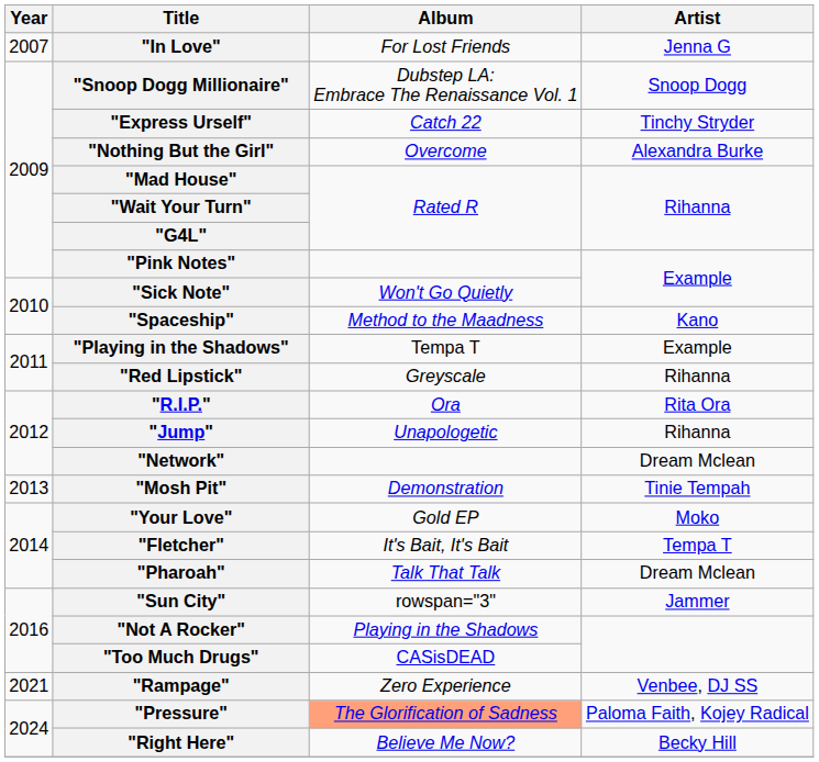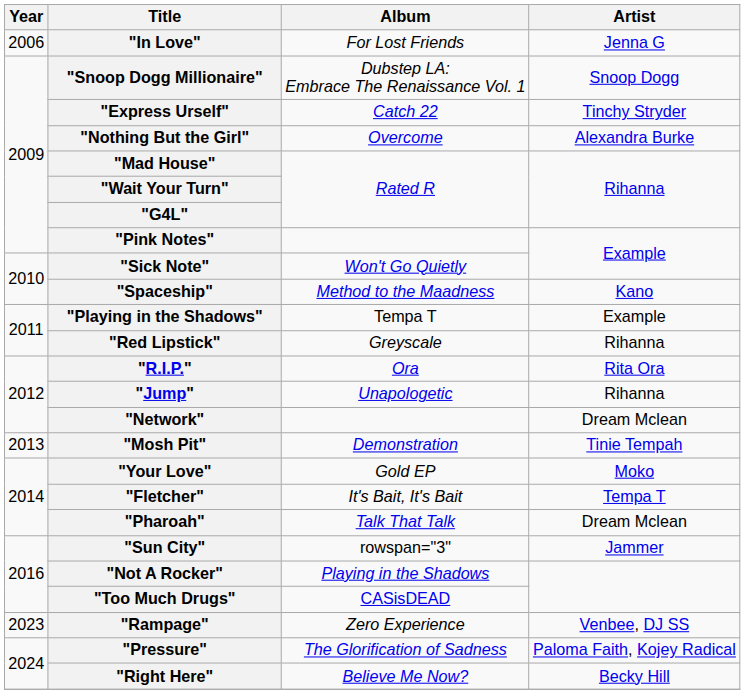 <table class="wikitable plainrowheaders" style="text-align:center;" border="1">
 <tr>
 <th scope="col" style="width:1em;">Year</th>
 <th scope="col" style="width:14em;">Title</th>
 <th scope="col">Album</th>
 <th scope="col">Artist</th>
 </tr>
 <tr>
-<td>2007</td>
+<td>2006</td>
 <th scope="row">"In Love"</th>
 <td><em>For Lost Friends</em></td>
 <td><a href='#'>Jenna G</a></td>
 </tr>
 <tr>
 <td rowspan="7">2009</td>
 <th scope="row">"Snoop Dogg Millionaire"</th>
 <td><em>Dubstep LA:<br>Embrace The Renaissance Vol. 1</em></td>
 <td><a href='#'>Snoop Dogg</a></td>
 </tr>
 <tr>
 <th scope="row">"Express Urself"</th>
 <td><em><a href='#'>Catch 22</a></em></td>
 <td><a href='#'>Tinchy Stryder</a></td>
 </tr>
 <tr>
 <th scope="row">"Nothing But the Girl"</th>
 <td><em><a href='#'>Overcome</a></em></td>
 <td><a href='#'>Alexandra Burke</a></td>
 </tr>
 <tr>
 <th scope="row">"Mad House"</th>
 <td rowspan="3"><em><a href='#'>Rated R</a></em></td>
 <td rowspan="3"><a href='#'>Rihanna</a></td>
 </tr>
 <tr>
 <th scope="row">"Wait Your Turn"</th>
 </tr>
 <tr>
 <th scope="row">"G4L"</th>
 </tr>
 <tr>
 <th scope="row">"Pink Notes"</th>
 <td></td>
 <td rowspan="2"><a href='#'>Example</a></td>
 </tr>
 <tr>
 <td rowspan="2">2010</td>
 <th scope="row">"Sick Note"</th>
 <td><em><a href='#'>Won't Go Quietly</a></em></td>
 </tr>
 <tr>
 <th scope="row">"Spaceship"</th>
 <td><em><a href='#'>Method to the Maadness</a></em></td>
 <td><a href='#'>Kano</a></td>
 </tr>
 <tr>
 <td rowspan="2">2011</td>
 <th scope="row">"Playing in the Shadows"</th>
 <td>Tempa T</td>
 <td>Example</td>
 </tr>
 <tr>
 <th scope="row">"Red Lipstick"</th>
 <td><em>Greyscale</em></td>
 <td>Rihanna</td>
 </tr>
 <tr>
 <td rowspan="3">2012</td>
 <th scope="row">"<a href='#'>R.I.P.</a>"</th>
 <td><em><a href='#'>Ora</a></em></td>
 <td><a href='#'>Rita Ora</a></td>
 </tr>
 <tr>
 <th scope="row">"<a href='#'>Jump</a>"</th>
 <td><em><a href='#'>Unapologetic</a></em></td>
 <td>Rihanna</td>
 </tr>
 <tr>
 <th scope="row">"Network"</th>
 <td></td>
 <td>Dream Mclean</td>
 </tr>
 <tr>
 <td>2013</td>
 <th scope="row">"Mosh Pit"</th>
 <td><em><a href='#'>Demonstration</a></em></td>
 <td><a href='#'>Tinie Tempah</a></td>
 </tr>
 <tr>
 <td rowspan="3">2014</td>
 <th scope="row">"Your Love"</th>
 <td><em>Gold EP</em></td>
 <td><a href='#'>Moko</a></td>
 </tr>
 <tr>
 <th scope="row">"Fletcher"</th>
 <td><em>It's Bait, It's Bait</em></td>
 <td><a href='#'>Tempa T</a></td>
 </tr>
 <tr>
 <th scope="row">"Pharoah"</th>
 <td><em><a href='#'>Talk That Talk</a></em></td>
 <td>Dream Mclean</td>
 </tr>
 <tr>
 <td rowspan="3">2016</td>
 <th scope="row">"Sun City"</th>
 <td>rowspan="3" </td>
 <td><a href='#'>Jammer</a></td>
 </tr>
 <tr>
 <th scope="row">"Not A Rocker"</th>
 <td><em><a href='#'>Playing in the Shadows</a></em></td>
 </tr>
 <tr>
 <th scope="row">"Too Much Drugs"</th>
 <td><a href='#'>CASisDEAD</a></td>
 </tr>
 <tr>
-<td>2021</td>
+<td>2023</td>
 <th scope="row">"Rampage"</th>
 <td><em>Zero Experience</em></td>
 <td><a href='#'>Venbee</a>, <a href='#'>DJ SS</a></td>
 </tr>
 <tr>
 <td rowspan="2">2024</td>
 <th scope="row">"Pressure"</th>
-<td style="background: lightsalmon;"><em><a href='#'>The Glorification of Sadness</a></em></td>
+<td><em><a href='#'>The Glorification of Sadness</a></em></td>
 <td><a href='#'>Paloma Faith</a>, <a href='#'>Kojey Radical</a></td>
 </tr>
 <tr>
 <th scope="row">"Right Here"</th>
 <td><em><a href='#'>Believe Me Now?</a></em></td>
 <td><a href='#'>Becky Hill</a></td>
 </tr>
 <tr>
 </tr>
 </table>
